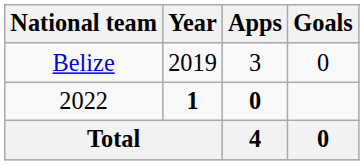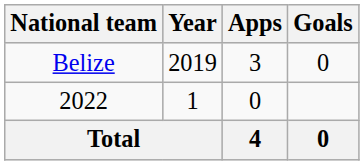 <table class="wikitable" style="text-align:center">
 <tr>
 <th>National team</th>
 <th>Year</th>
 <th>Apps</th>
 <th>Goals</th>
 </tr>
 <tr>
 <td><a href='#'>Belize</a></td>
 <td>2019</td>
 <td>3</td>
 <td>0</td>
 </tr>
 <tr>
 <td>2022</td>
-<td><strong>1</strong></td>
-<td><strong>0</strong></td>
+<td>1</td>
+<td>0</td>
 </tr>
 <tr>
 <th colspan="2">Total</th>
 <th>4</th>
 <th>0</th>
 </tr>
 </table>
